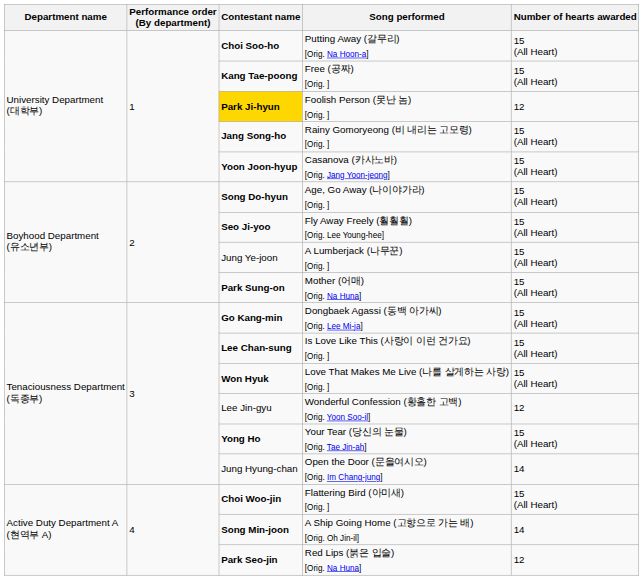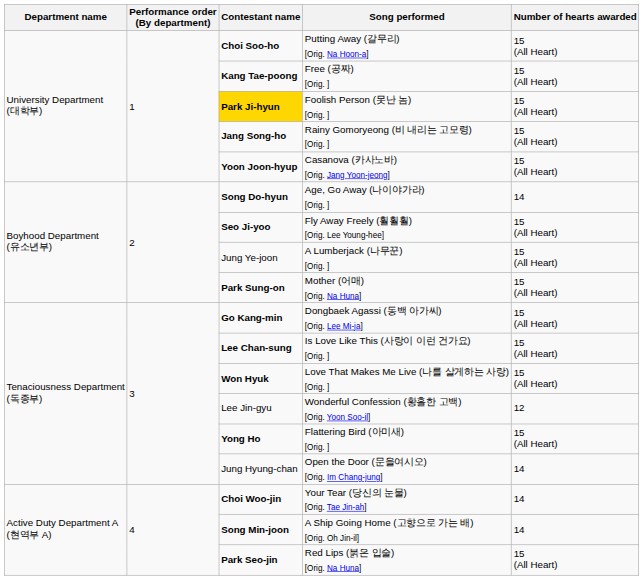 <table class="wikitable">
 <tr>
 <th>Department name</th>
 <th>Performance order<br>(By department)</th>
 <th>Contestant name</th>
 <th>Song performed</th>
 <th>Number of hearts awarded</th>
 </tr>
 <tr>
 <td rowspan=5>University Department<br>(대학부)</td>
 <td rowspan=5>1</td>
 <td><strong>Choi Soo-ho</strong></td>
 <td>Putting Away (갈무리)<br><sub>[Orig. <a href='#'>Na Hoon-a</a>]</sub></td>
 <td>15<br>(All Heart)</td>
 </tr>
 <tr>
 <td><strong>Kang Tae-poong</strong></td>
 <td>Free (공짜)<br><sub>[Orig. ]</sub></td>
 <td>15<br>(All Heart)</td>
 </tr>
 <tr>
 <td style="background: gold; color: black;"><strong>Park Ji-hyun</strong></td>
 <td>Foolish Person (못난 놈)<br><sub>[Orig. ]</sub></td>
-<td>12</td>
+<td>15<br>(All Heart)</td>
 </tr>
 <tr>
 <td><strong>Jang Song-ho</strong></td>
 <td>Rainy Gomoryeong (비 내리는 고모령)<br><sub>[Orig. ]</sub></td>
 <td>15<br>(All Heart)</td>
 </tr>
 <tr>
 <td><strong>Yoon Joon-hyup</strong></td>
 <td>Casanova (카사노바)<br><sub>[Orig. <a href='#'>Jang Yoon-jeong</a>]</sub></td>
 <td>15<br>(All Heart)</td>
 </tr>
 <tr>
 <td rowspan=4>Boyhood Department<br>(유소년부)</td>
 <td rowspan=4>2</td>
 <td><strong>Song Do-hyun</strong></td>
 <td>Age, Go Away (나이야가라)<br><sub>[Orig. ]</sub></td>
-<td>15<br>(All Heart)</td>
+<td>14</td>
 </tr>
 <tr>
 <td><strong>Seo Ji-yoo</strong></td>
 <td>Fly Away Freely (훨훨훨)<br><sub>[Orig. Lee Young-hee]</sub></td>
 <td>15<br>(All Heart)</td>
 </tr>
 <tr>
 <td>Jung Ye-joon</td>
 <td>A Lumberjack (나무꾼)<br><sub>[Orig. ]</sub></td>
 <td>15<br>(All Heart)</td>
 </tr>
 <tr>
 <td><strong>Park Sung-on</strong></td>
 <td>Mother (어매)<br><sub>[Orig. <a href='#'>Na Huna</a>]</sub></td>
 <td>15<br>(All Heart)</td>
 </tr>
 <tr>
 <td rowspan=6>Tenaciousness Department<br>(독종부)</td>
 <td rowspan=6>3</td>
 <td><strong>Go Kang-min</strong></td>
 <td>Dongbaek Agassi (동백 아가씨)<br><sub>[Orig. <a href='#'>Lee Mi-ja</a>]</sub></td>
 <td>15<br>(All Heart)</td>
 </tr>
 <tr>
 <td><strong>Lee Chan-sung</strong></td>
 <td>Is Love Like This (사랑이 이런 건가요)<br><sub>[Orig. ]</sub></td>
 <td>15<br>(All Heart)</td>
 </tr>
 <tr>
 <td><strong>Won Hyuk</strong></td>
 <td>Love That Makes Me Live (나를 살게하는 사랑)<br><sub>[Orig. ]</sub></td>
 <td>15<br>(All Heart)</td>
 </tr>
 <tr>
 <td>Lee Jin-gyu</td>
 <td>Wonderful Confession (황홀한 고백)<br><sub>[Orig. <a href='#'>Yoon Soo-il</a>]</sub></td>
 <td>12</td>
 </tr>
 <tr>
 <td><strong>Yong Ho</strong></td>
-<td>Your Tear (당신의 눈물)<br><sub>[Orig. <a href='#'>Tae Jin-ah</a>]</sub></td>
+<td>Flattering Bird (아미새)<br><sub>[Orig. ]</sub></td>
 <td>15<br>(All Heart)</td>
 </tr>
 <tr>
 <td>Jung Hyung-chan</td>
 <td>Open the Door (문을여시오)<br><sub>[Orig. <a href='#'>Im Chang-jung</a>]</sub></td>
 <td>14</td>
 </tr>
 <tr>
 <td rowspan=3>Active Duty Department A<br>(현역부 A)</td>
 <td rowspan=3>4</td>
 <td><strong>Choi Woo-jin</strong></td>
-<td>Flattering Bird (아미새)<br><sub>[Orig. ]</sub></td>
-<td>15<br>(All Heart)</td>
+<td>Your Tear (당신의 눈물)<br><sub>[Orig. <a href='#'>Tae Jin-ah</a>]</sub></td>
+<td>14</td>
 </tr>
 <tr>
 <td><strong>Song Min-joon</strong></td>
 <td>A Ship Going Home (고향으로 가는 배)<br><sub>[Orig. Oh Jin-il]</sub></td>
 <td>14</td>
 </tr>
 <tr>
 <td><strong>Park Seo-jin</strong></td>
 <td>Red Lips (붉은 입술)<br><sub>[Orig. <a href='#'>Na Huna</a>]</sub></td>
-<td>12</td>
+<td>15<br>(All Heart)</td>
 </tr>
 </table>
